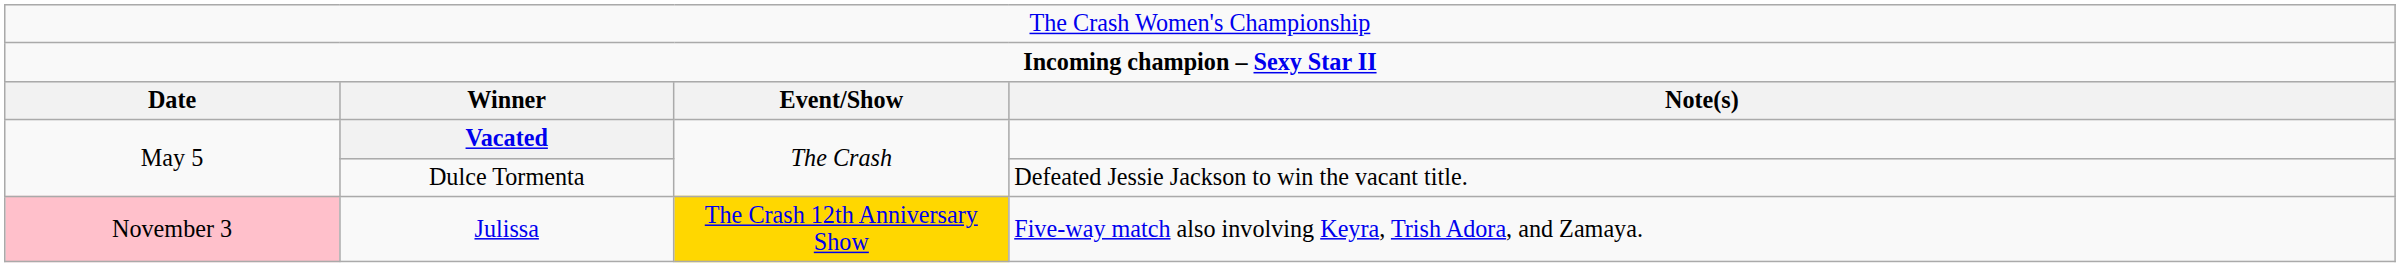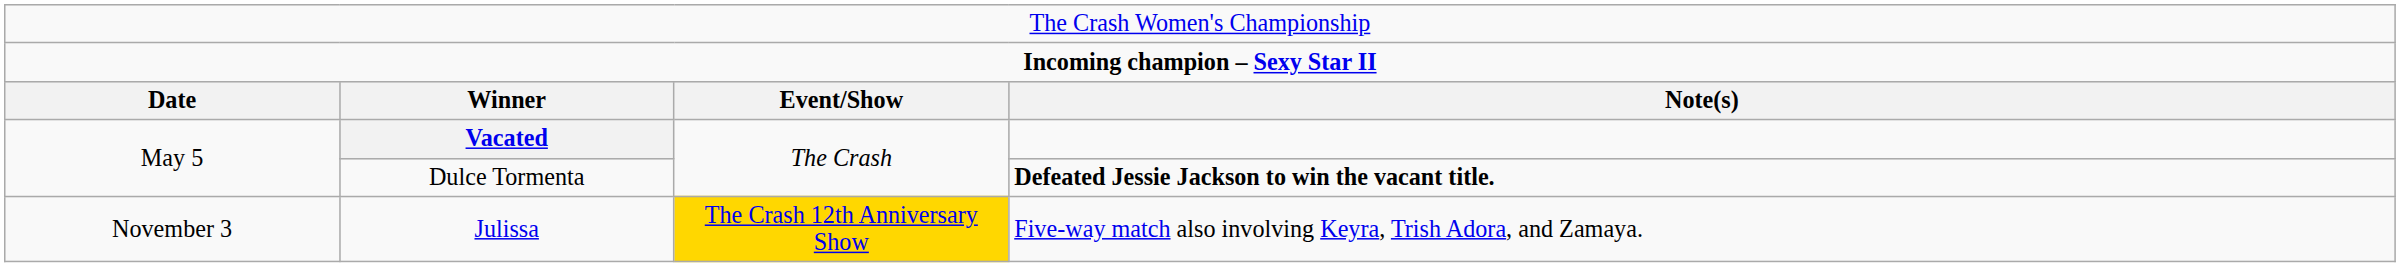 <table class="wikitable" style="text-align:center; width:100%;">
 <tr>
 <td colspan="5" style="text-align: center;"><a href='#'>The Crash Women's Championship</a></td>
 </tr>
 <tr>
 <td colspan="5" style="text-align: center;"><strong>Incoming champion – <a href='#'>Sexy Star II</a></strong></td>
 </tr>
 <tr>
 <th width=14%>Date</th>
 <th width=14%>Winner</th>
 <th width=14%>Event/Show</th>
 <th width=58%>Note(s)</th>
 </tr>
 <tr>
 <td rowspan=2>May 5</td>
 <th><a href='#'>Vacated</a></th>
 <td rowspan=2><em>The Crash</em></td>
 <td></td>
 </tr>
 <tr>
 <td>Dulce Tormenta</td>
-<td align=left>Defeated Jessie Jackson to win the vacant title.</td>
+<td align=left><strong>Defeated Jessie Jackson to win the vacant title.</strong></td>
 </tr>
 <tr>
-<td style="background: pink;">November 3</td>
+<td>November 3</td>
 <td><a href='#'>Julissa</a></td>
 <td style="background: gold;"><a href='#'>The Crash 12th Anniversary Show</a></td>
 <td align=left><a href='#'>Five-way match</a> also involving <a href='#'>Keyra</a>, <a href='#'>Trish Adora</a>, and Zamaya.</td>
 </tr>
 </table>
